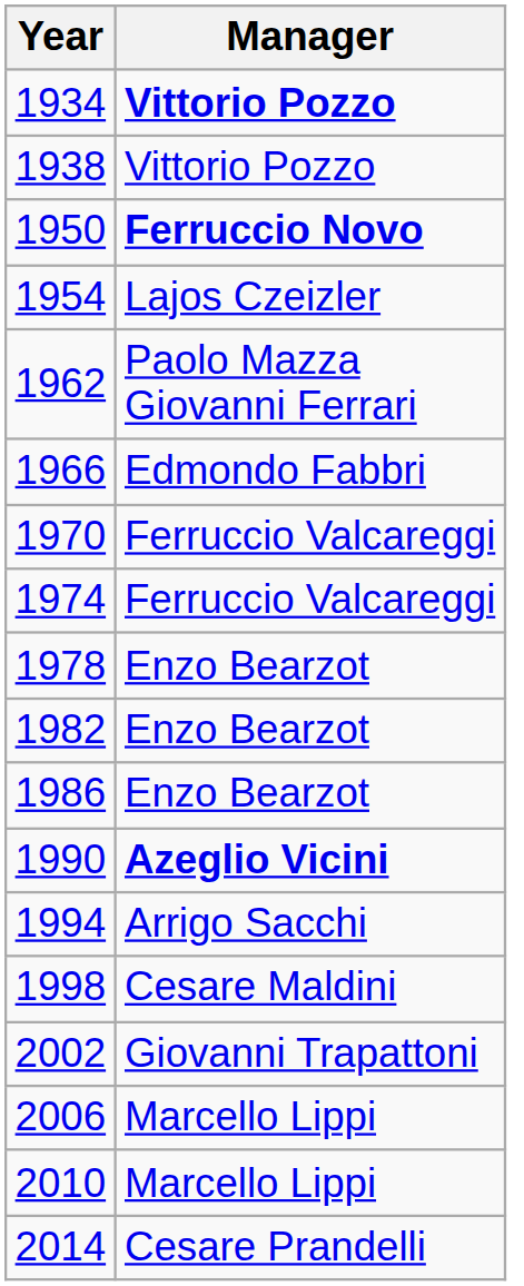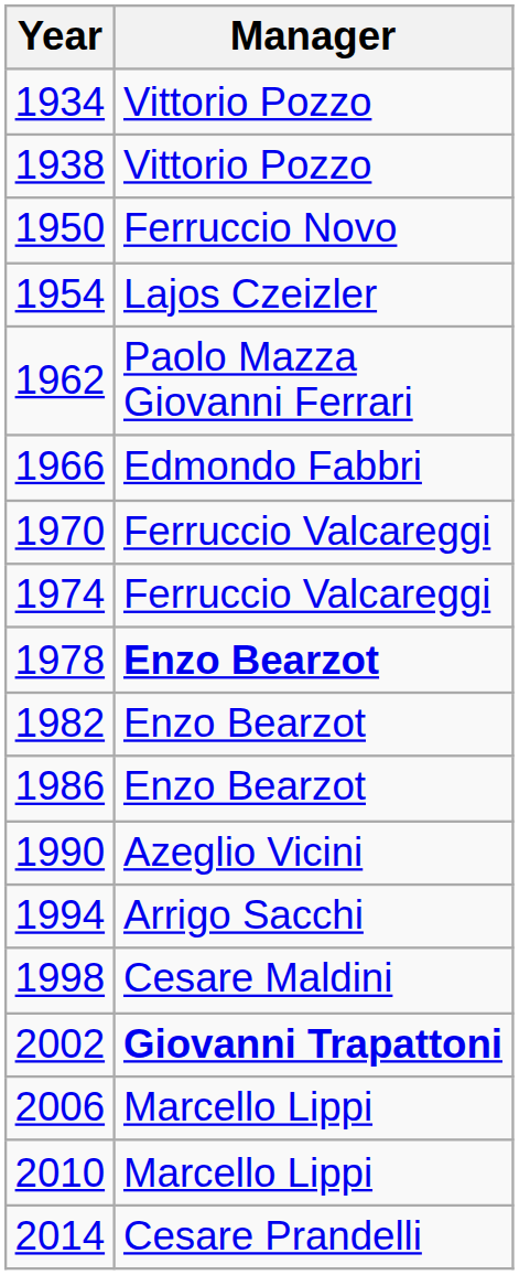 <table class="wikitable">
 <tr>
 <th>Year</th>
 <th>Manager</th>
 </tr>
 <tr>
 <td align=center><a href='#'>1934</a></td>
-<td><strong> <a href='#'>Vittorio Pozzo</a></strong></td>
+<td> <a href='#'>Vittorio Pozzo</a></td>
 </tr>
 <tr>
 <td align=center><a href='#'>1938</a></td>
 <td> <a href='#'>Vittorio Pozzo</a></td>
 </tr>
 <tr>
 <td align=center><a href='#'>1950</a></td>
-<td><strong> <a href='#'>Ferruccio Novo</a></strong></td>
+<td> <a href='#'>Ferruccio Novo</a></td>
 </tr>
 <tr>
 <td align=center><a href='#'>1954</a></td>
 <td> <a href='#'>Lajos Czeizler</a></td>
 </tr>
 <tr>
 <td align=center><a href='#'>1962</a></td>
 <td> <a href='#'>Paolo Mazza</a> <br>  <a href='#'>Giovanni Ferrari</a></td>
 </tr>
 <tr>
 <td align=center><a href='#'>1966</a></td>
 <td> <a href='#'>Edmondo Fabbri</a></td>
 </tr>
 <tr>
 <td align=center><a href='#'>1970</a></td>
 <td> <a href='#'>Ferruccio Valcareggi</a></td>
 </tr>
 <tr>
 <td align=center><a href='#'>1974</a></td>
 <td> <a href='#'>Ferruccio Valcareggi</a></td>
 </tr>
 <tr>
 <td align=center><a href='#'>1978</a></td>
-<td> <a href='#'>Enzo Bearzot</a></td>
+<td><strong> <a href='#'>Enzo Bearzot</a></strong></td>
 </tr>
 <tr>
 <td align=center><a href='#'>1982</a></td>
 <td> <a href='#'>Enzo Bearzot</a></td>
 </tr>
 <tr>
 <td align=center><a href='#'>1986</a></td>
 <td> <a href='#'>Enzo Bearzot</a></td>
 </tr>
 <tr>
 <td align=center><a href='#'>1990</a></td>
-<td><strong> <a href='#'>Azeglio Vicini</a></strong></td>
+<td> <a href='#'>Azeglio Vicini</a></td>
 </tr>
 <tr>
 <td align=center><a href='#'>1994</a></td>
 <td> <a href='#'>Arrigo Sacchi</a></td>
 </tr>
 <tr>
 <td align=center><a href='#'>1998</a></td>
 <td> <a href='#'>Cesare Maldini</a></td>
 </tr>
 <tr>
 <td align=center><a href='#'>2002</a></td>
-<td> <a href='#'>Giovanni Trapattoni</a></td>
+<td><strong> <a href='#'>Giovanni Trapattoni</a></strong></td>
 </tr>
 <tr>
 <td align=center><a href='#'>2006</a></td>
 <td> <a href='#'>Marcello Lippi</a></td>
 </tr>
 <tr>
 <td align=center><a href='#'>2010</a></td>
 <td> <a href='#'>Marcello Lippi</a></td>
 </tr>
 <tr>
 <td align=center><a href='#'>2014</a></td>
 <td> <a href='#'>Cesare Prandelli</a></td>
 </tr>
 </table>
